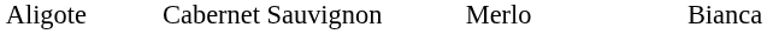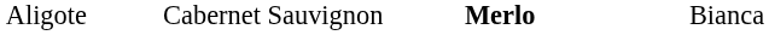 <table class="graytable" style="text-align:center">
 <tr>
 <td width="25%"></td>
 <td width="25%"></td>
 <td width="25%"></td>
 <td width="25%"></td>
 </tr>
 <tr>
 <td>Aligote</td>
 <td>Cabernet Sauvignon</td>
-<td>Merlo</td>
+<td><strong>Merlo</strong></td>
 <td>Bianca</td>
 </tr>
 </table>
